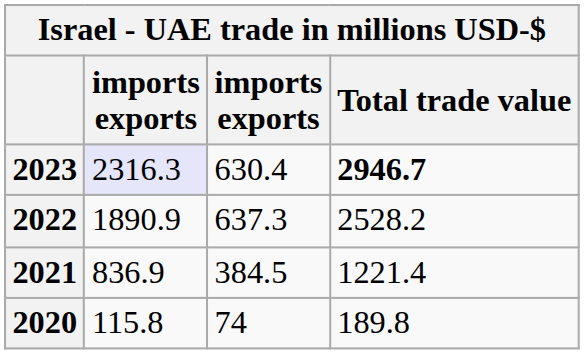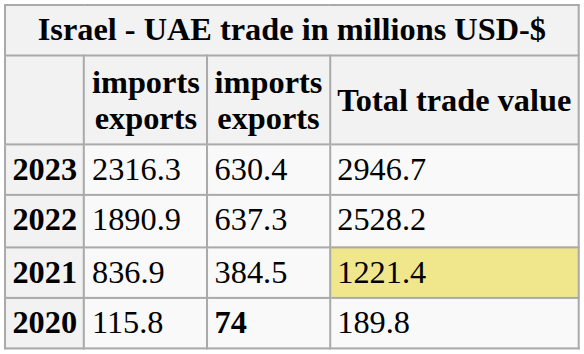 <table class="wikitable mw-collapsible mw-collapsed">
 <tr>
 <th colspan="4">Israel - UAE trade in millions USD-$ </th>
 </tr>
 <tr>
 <th></th>
 <th> imports<br> exports</th>
 <th> imports<br> exports</th>
 <th>Total trade value</th>
 </tr>
 <tr>
 <th>2023</th>
-<td style="background: lavender;">2316.3</td>
+<td>2316.3</td>
 <td>630.4</td>
-<td><strong>2946.7</strong></td>
+<td>2946.7</td>
 </tr>
 <tr>
 <th>2022</th>
 <td>1890.9</td>
 <td>637.3</td>
 <td>2528.2</td>
 </tr>
 <tr>
 <th>2021</th>
 <td>836.9</td>
 <td>384.5</td>
-<td>1221.4</td>
+<td style="background: khaki;">1221.4</td>
 </tr>
 <tr>
 <th>2020</th>
 <td>115.8</td>
-<td>74</td>
+<td><strong>74</strong></td>
 <td>189.8</td>
 </tr>
 </table>
